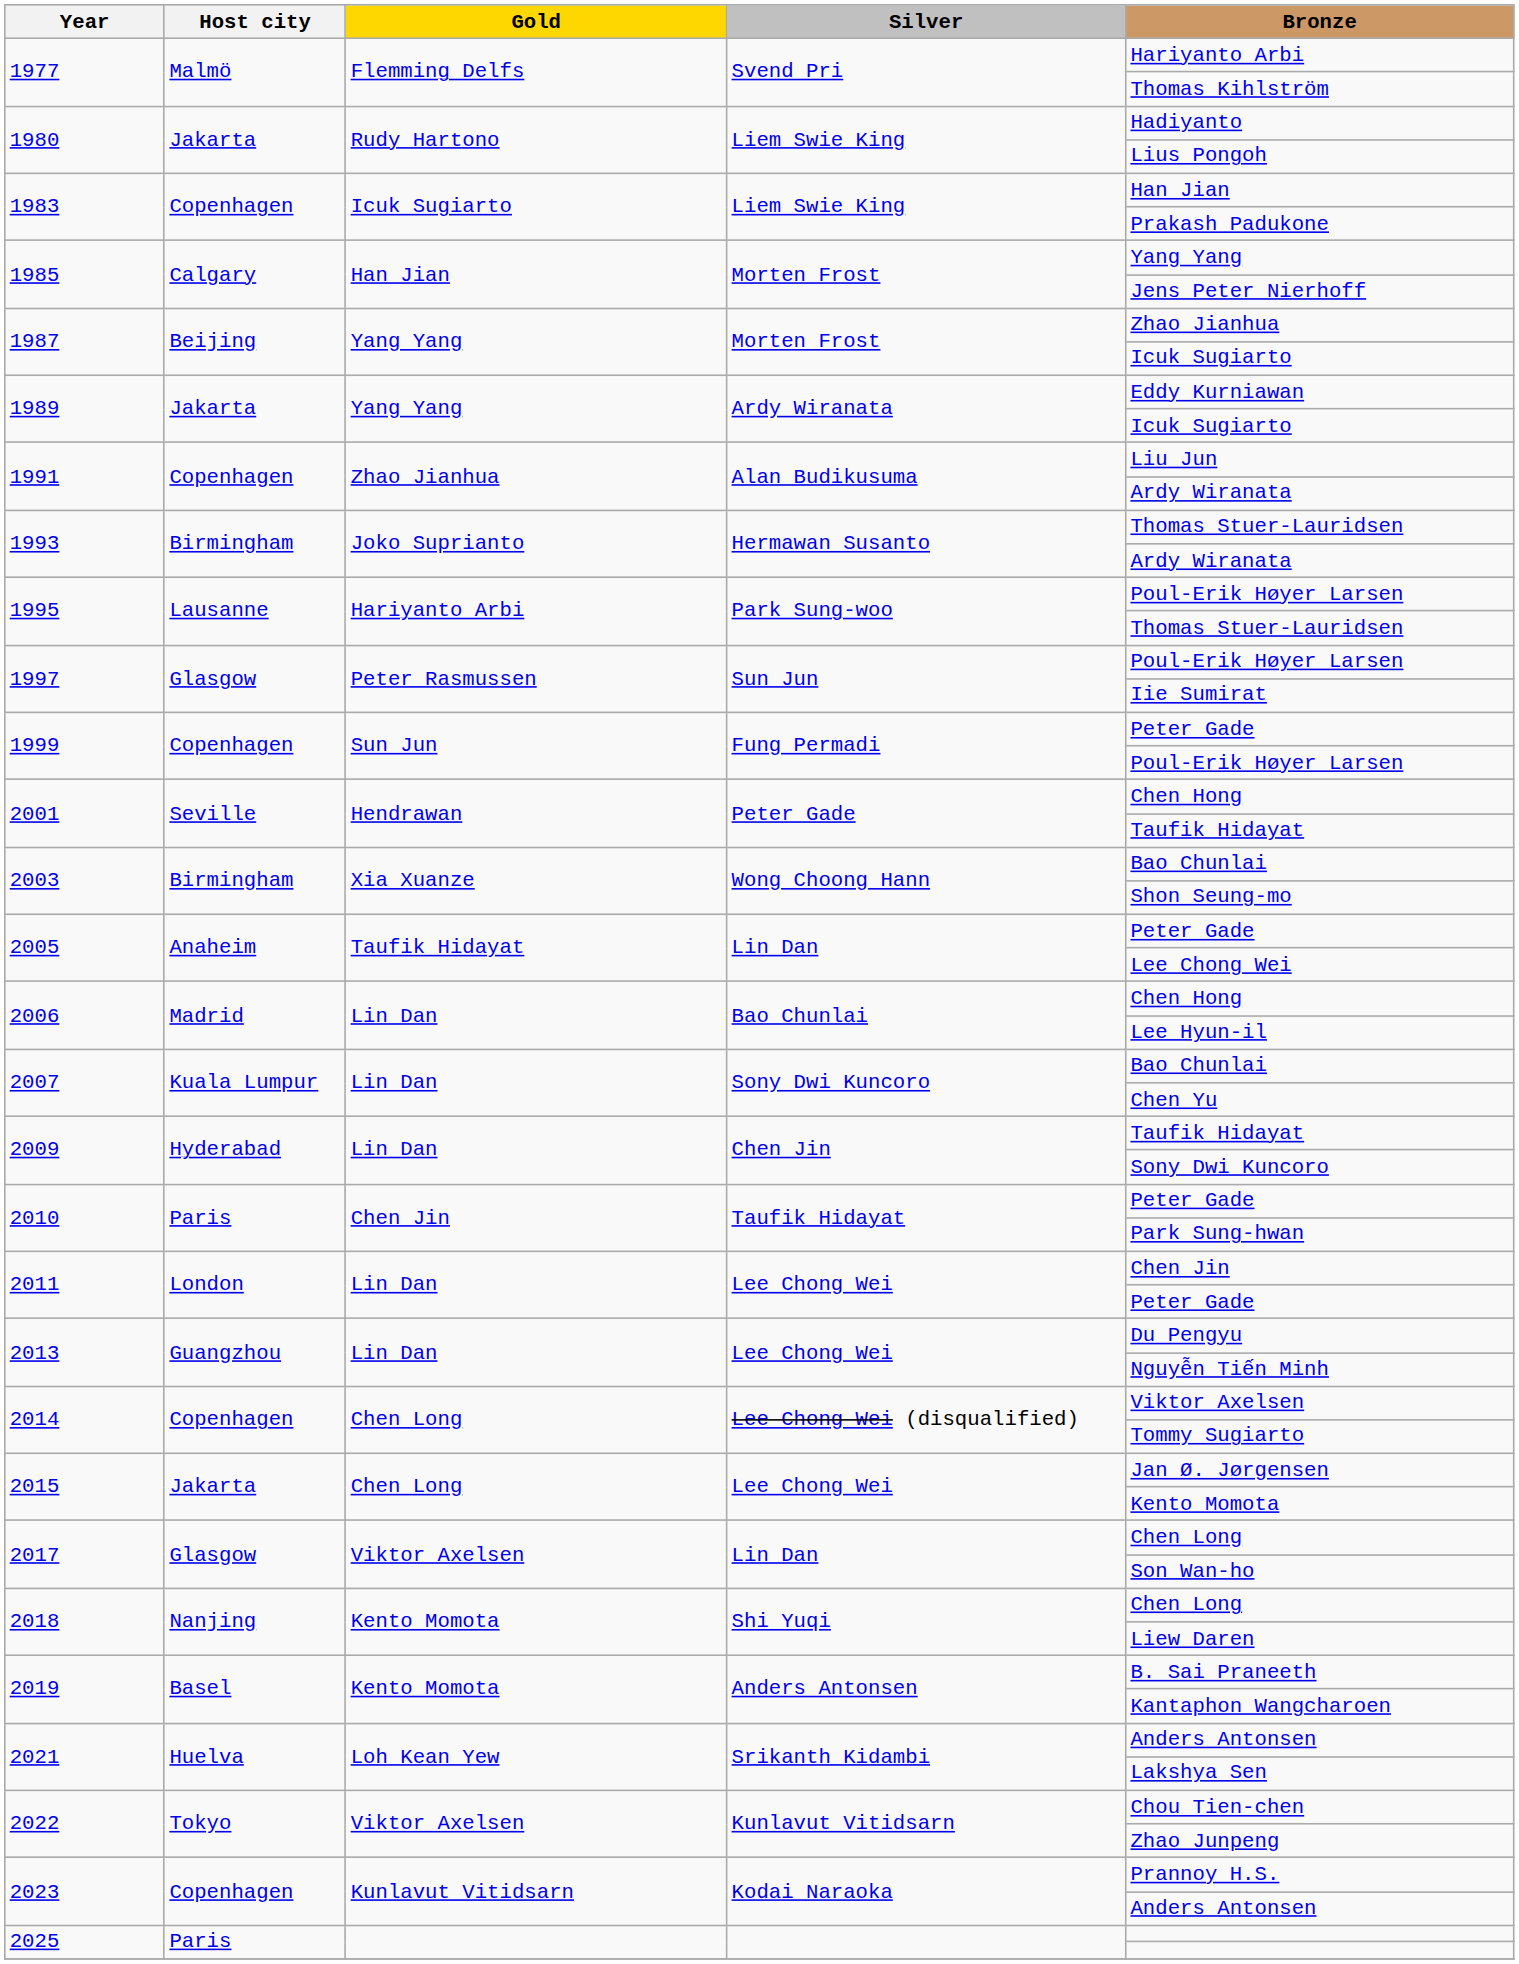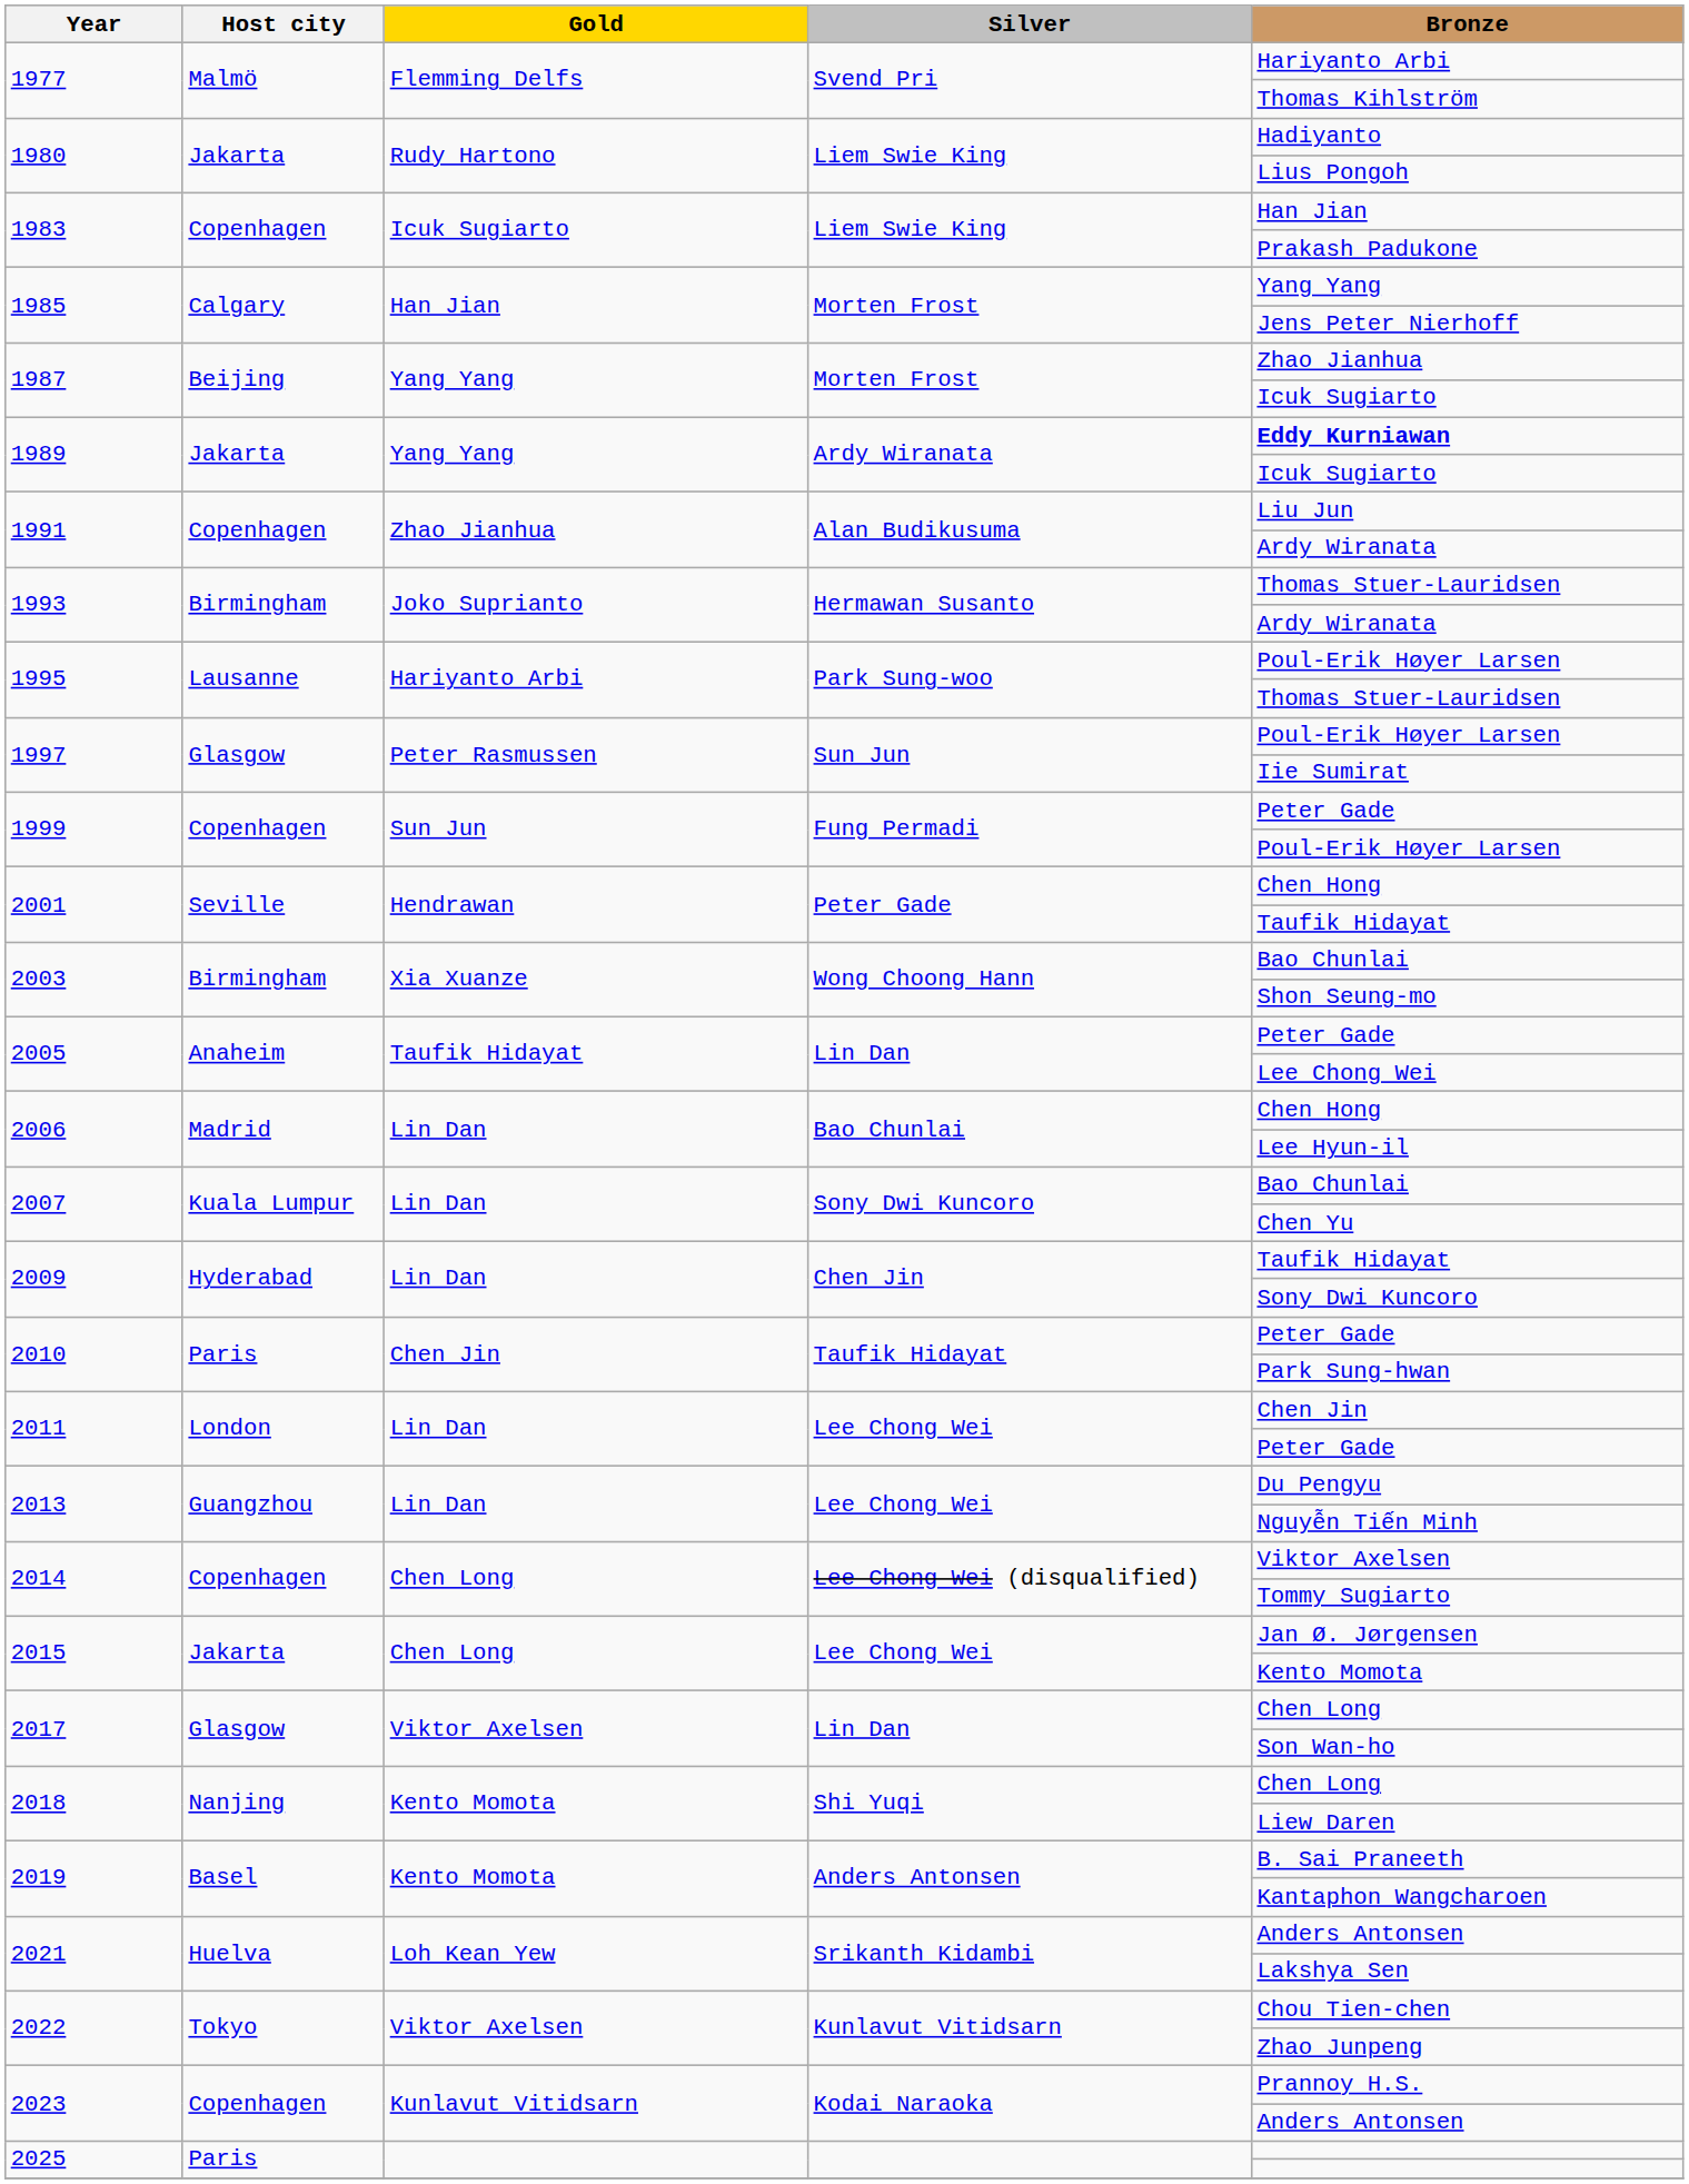 <table class="wikitable" style="text-align: left; width: 950px;">
 <tr>
 <th width="120">Year</th>
 <th width="120">Host city</th>
 <th width="300" style="background-color: gold">Gold</th>
 <th width="300" style="background-color: silver">Silver</th>
 <th width="300" style="background-color: #cc9966">Bronze</th>
 </tr>
 <tr>
 <td rowspan=2><a href='#'>1977</a></td>
 <td rowspan=2><a href='#'>Malmö</a></td>
 <td rowspan=2> <a href='#'>Flemming Delfs</a></td>
 <td rowspan=2> <a href='#'>Svend Pri</a></td>
 <td> <a href='#'>Hariyanto Arbi</a></td>
 </tr>
 <tr>
 <td> <a href='#'>Thomas Kihlström</a></td>
 </tr>
 <tr>
 <td rowspan=2><a href='#'>1980</a></td>
 <td rowspan=2><a href='#'>Jakarta</a></td>
 <td rowspan=2> <a href='#'>Rudy Hartono</a></td>
 <td rowspan=2> <a href='#'>Liem Swie King</a></td>
 <td> <a href='#'>Hadiyanto</a></td>
 </tr>
 <tr>
 <td> <a href='#'>Lius Pongoh</a></td>
 </tr>
 <tr>
 <td rowspan=2><a href='#'>1983</a></td>
 <td rowspan=2><a href='#'>Copenhagen</a></td>
 <td rowspan=2> <a href='#'>Icuk Sugiarto</a></td>
 <td rowspan=2> <a href='#'>Liem Swie King</a></td>
 <td> <a href='#'>Han Jian</a></td>
 </tr>
 <tr>
 <td> <a href='#'>Prakash Padukone</a></td>
 </tr>
 <tr>
 <td rowspan=2><a href='#'>1985</a></td>
 <td rowspan=2><a href='#'>Calgary</a></td>
 <td rowspan=2> <a href='#'>Han Jian</a></td>
 <td rowspan=2> <a href='#'>Morten Frost</a></td>
 <td> <a href='#'>Yang Yang</a></td>
 </tr>
 <tr>
 <td> <a href='#'>Jens Peter Nierhoff</a></td>
 </tr>
 <tr>
 <td rowspan=2><a href='#'>1987</a></td>
 <td rowspan=2><a href='#'>Beijing</a></td>
 <td rowspan=2> <a href='#'>Yang Yang</a></td>
 <td rowspan=2> <a href='#'>Morten Frost</a></td>
 <td> <a href='#'>Zhao Jianhua</a></td>
 </tr>
 <tr>
 <td> <a href='#'>Icuk Sugiarto</a></td>
 </tr>
 <tr>
 <td rowspan=2><a href='#'>1989</a></td>
 <td rowspan=2><a href='#'>Jakarta</a></td>
 <td rowspan=2> <a href='#'>Yang Yang</a></td>
 <td rowspan=2> <a href='#'>Ardy Wiranata</a></td>
-<td> <a href='#'>Eddy Kurniawan</a></td>
+<td><strong> <a href='#'>Eddy Kurniawan</a></strong></td>
 </tr>
 <tr>
 <td> <a href='#'>Icuk Sugiarto</a></td>
 </tr>
 <tr>
 <td rowspan=2><a href='#'>1991</a></td>
 <td rowspan=2><a href='#'>Copenhagen</a></td>
 <td rowspan=2> <a href='#'>Zhao Jianhua</a></td>
 <td rowspan=2> <a href='#'>Alan Budikusuma</a></td>
 <td> <a href='#'>Liu Jun</a></td>
 </tr>
 <tr>
 <td> <a href='#'>Ardy Wiranata</a></td>
 </tr>
 <tr>
 <td rowspan=2><a href='#'>1993</a></td>
 <td rowspan=2><a href='#'>Birmingham</a></td>
 <td rowspan=2> <a href='#'>Joko Suprianto</a></td>
 <td rowspan=2> <a href='#'>Hermawan Susanto</a></td>
 <td> <a href='#'>Thomas Stuer-Lauridsen</a></td>
 </tr>
 <tr>
 <td> <a href='#'>Ardy Wiranata</a></td>
 </tr>
 <tr>
 <td rowspan=2><a href='#'>1995</a></td>
 <td rowspan=2><a href='#'>Lausanne</a></td>
 <td rowspan=2> <a href='#'>Hariyanto Arbi</a></td>
 <td rowspan=2> <a href='#'>Park Sung-woo</a></td>
 <td> <a href='#'>Poul-Erik Høyer Larsen</a></td>
 </tr>
 <tr>
 <td> <a href='#'>Thomas Stuer-Lauridsen</a></td>
 </tr>
 <tr>
 <td rowspan=2><a href='#'>1997</a></td>
 <td rowspan=2><a href='#'>Glasgow</a></td>
 <td rowspan=2> <a href='#'>Peter Rasmussen</a></td>
 <td rowspan=2> <a href='#'>Sun Jun</a></td>
 <td> <a href='#'>Poul-Erik Høyer Larsen</a></td>
 </tr>
 <tr>
 <td> <a href='#'>Iie Sumirat</a></td>
 </tr>
 <tr>
 <td rowspan=2><a href='#'>1999</a></td>
 <td rowspan=2><a href='#'>Copenhagen</a></td>
 <td rowspan=2> <a href='#'>Sun Jun</a></td>
 <td rowspan=2> <a href='#'>Fung Permadi</a></td>
 <td> <a href='#'>Peter Gade</a></td>
 </tr>
 <tr>
 <td> <a href='#'>Poul-Erik Høyer Larsen</a></td>
 </tr>
 <tr>
 <td rowspan=2><a href='#'>2001</a></td>
 <td rowspan=2><a href='#'>Seville</a></td>
 <td rowspan=2> <a href='#'>Hendrawan</a></td>
 <td rowspan=2> <a href='#'>Peter Gade</a></td>
 <td> <a href='#'>Chen Hong</a></td>
 </tr>
 <tr>
 <td> <a href='#'>Taufik Hidayat</a></td>
 </tr>
 <tr>
 <td rowspan=2><a href='#'>2003</a></td>
 <td rowspan=2><a href='#'>Birmingham</a></td>
 <td rowspan=2> <a href='#'>Xia Xuanze</a></td>
 <td rowspan=2> <a href='#'>Wong Choong Hann</a></td>
 <td> <a href='#'>Bao Chunlai</a></td>
 </tr>
 <tr>
 <td> <a href='#'>Shon Seung-mo</a></td>
 </tr>
 <tr>
 <td rowspan=2><a href='#'>2005</a></td>
 <td rowspan=2><a href='#'>Anaheim</a></td>
 <td rowspan=2> <a href='#'>Taufik Hidayat</a></td>
 <td rowspan=2> <a href='#'>Lin Dan</a></td>
 <td> <a href='#'>Peter Gade</a></td>
 </tr>
 <tr>
 <td> <a href='#'>Lee Chong Wei</a></td>
 </tr>
 <tr>
 <td rowspan=2><a href='#'>2006</a></td>
 <td rowspan=2><a href='#'>Madrid</a></td>
 <td rowspan=2> <a href='#'>Lin Dan</a></td>
 <td rowspan=2> <a href='#'>Bao Chunlai</a></td>
 <td> <a href='#'>Chen Hong</a></td>
 </tr>
 <tr>
 <td> <a href='#'>Lee Hyun-il</a></td>
 </tr>
 <tr>
 <td rowspan=2><a href='#'>2007</a></td>
 <td rowspan=2><a href='#'>Kuala Lumpur</a></td>
 <td rowspan=2> <a href='#'>Lin Dan</a></td>
 <td rowspan=2> <a href='#'>Sony Dwi Kuncoro</a></td>
 <td> <a href='#'>Bao Chunlai</a></td>
 </tr>
 <tr>
 <td> <a href='#'>Chen Yu</a></td>
 </tr>
 <tr>
 <td rowspan=2><a href='#'>2009</a></td>
 <td rowspan=2><a href='#'>Hyderabad</a></td>
 <td rowspan=2> <a href='#'>Lin Dan</a></td>
 <td rowspan=2> <a href='#'>Chen Jin</a></td>
 <td> <a href='#'>Taufik Hidayat</a></td>
 </tr>
 <tr>
 <td> <a href='#'>Sony Dwi Kuncoro</a></td>
 </tr>
 <tr>
 <td rowspan=2><a href='#'>2010</a></td>
 <td rowspan=2><a href='#'>Paris</a></td>
 <td rowspan=2> <a href='#'>Chen Jin</a></td>
 <td rowspan=2> <a href='#'>Taufik Hidayat</a></td>
 <td> <a href='#'>Peter Gade</a></td>
 </tr>
 <tr>
 <td> <a href='#'>Park Sung-hwan</a></td>
 </tr>
 <tr>
 <td rowspan=2><a href='#'>2011</a></td>
 <td rowspan=2><a href='#'>London</a></td>
 <td rowspan=2> <a href='#'>Lin Dan</a></td>
 <td rowspan=2> <a href='#'>Lee Chong Wei</a></td>
 <td> <a href='#'>Chen Jin</a></td>
 </tr>
 <tr>
 <td> <a href='#'>Peter Gade</a></td>
 </tr>
 <tr>
 <td rowspan=2><a href='#'>2013</a></td>
 <td rowspan=2><a href='#'>Guangzhou</a></td>
 <td rowspan=2> <a href='#'>Lin Dan</a></td>
 <td rowspan=2> <a href='#'>Lee Chong Wei</a></td>
 <td> <a href='#'>Du Pengyu</a></td>
 </tr>
 <tr>
 <td> <a href='#'>Nguyễn Tiến Minh</a></td>
 </tr>
 <tr>
 <td rowspan=2><a href='#'>2014</a></td>
 <td rowspan=2><a href='#'>Copenhagen</a></td>
 <td rowspan=2> <a href='#'>Chen Long</a></td>
 <td rowspan=2><s> <a href='#'>Lee Chong Wei</a></s> (disqualified)</td>
 <td> <a href='#'>Viktor Axelsen</a></td>
 </tr>
 <tr>
 <td> <a href='#'>Tommy Sugiarto</a></td>
 </tr>
 <tr>
 <td rowspan=2><a href='#'>2015</a></td>
 <td rowspan=2><a href='#'>Jakarta</a></td>
 <td rowspan=2> <a href='#'>Chen Long</a></td>
 <td rowspan=2> <a href='#'>Lee Chong Wei</a></td>
 <td> <a href='#'>Jan Ø. Jørgensen</a></td>
 </tr>
 <tr>
 <td> <a href='#'>Kento Momota</a></td>
 </tr>
 <tr>
 <td rowspan=2><a href='#'>2017</a></td>
 <td rowspan=2><a href='#'>Glasgow</a></td>
 <td rowspan=2> <a href='#'>Viktor Axelsen</a></td>
 <td rowspan=2> <a href='#'>Lin Dan</a></td>
 <td> <a href='#'>Chen Long</a></td>
 </tr>
 <tr>
 <td> <a href='#'>Son Wan-ho</a></td>
 </tr>
 <tr>
 <td rowspan=2><a href='#'>2018</a></td>
 <td rowspan=2><a href='#'>Nanjing</a></td>
 <td rowspan=2> <a href='#'>Kento Momota</a></td>
 <td rowspan=2> <a href='#'>Shi Yuqi</a></td>
 <td> <a href='#'>Chen Long</a></td>
 </tr>
 <tr>
 <td> <a href='#'>Liew Daren</a></td>
 </tr>
 <tr>
 <td rowspan=2><a href='#'>2019</a></td>
 <td rowspan=2><a href='#'>Basel</a></td>
 <td rowspan=2> <a href='#'>Kento Momota</a></td>
 <td rowspan=2> <a href='#'>Anders Antonsen</a></td>
 <td> <a href='#'>B. Sai Praneeth</a></td>
 </tr>
 <tr>
 <td> <a href='#'>Kantaphon Wangcharoen</a></td>
 </tr>
 <tr>
 <td rowspan=2><a href='#'>2021</a></td>
 <td rowspan=2><a href='#'>Huelva</a></td>
 <td rowspan=2> <a href='#'>Loh Kean Yew</a></td>
 <td rowspan=2> <a href='#'>Srikanth Kidambi</a></td>
 <td> <a href='#'>Anders Antonsen</a></td>
 </tr>
 <tr>
 <td> <a href='#'>Lakshya Sen</a></td>
 </tr>
 <tr>
 <td rowspan=2><a href='#'>2022</a></td>
 <td rowspan=2><a href='#'>Tokyo</a></td>
 <td rowspan=2> <a href='#'>Viktor Axelsen</a></td>
 <td rowspan=2> <a href='#'>Kunlavut Vitidsarn</a></td>
 <td> <a href='#'>Chou Tien-chen</a></td>
 </tr>
 <tr>
 <td> <a href='#'>Zhao Junpeng</a></td>
 </tr>
 <tr>
 <td rowspan=2><a href='#'>2023</a></td>
 <td rowspan=2><a href='#'>Copenhagen</a></td>
 <td rowspan=2> <a href='#'>Kunlavut Vitidsarn</a></td>
 <td rowspan=2> <a href='#'>Kodai Naraoka</a></td>
 <td> <a href='#'>Prannoy H.S.</a></td>
 </tr>
 <tr>
 <td> <a href='#'>Anders Antonsen</a></td>
 </tr>
 <tr>
 <td rowspan=2><a href='#'>2025</a></td>
 <td rowspan=2><a href='#'>Paris</a></td>
 <td rowspan=2></td>
 <td rowspan=2></td>
 <td></td>
 </tr>
 <tr>
 <td></td>
 </tr>
 <tr>
 </tr>
 </table>
